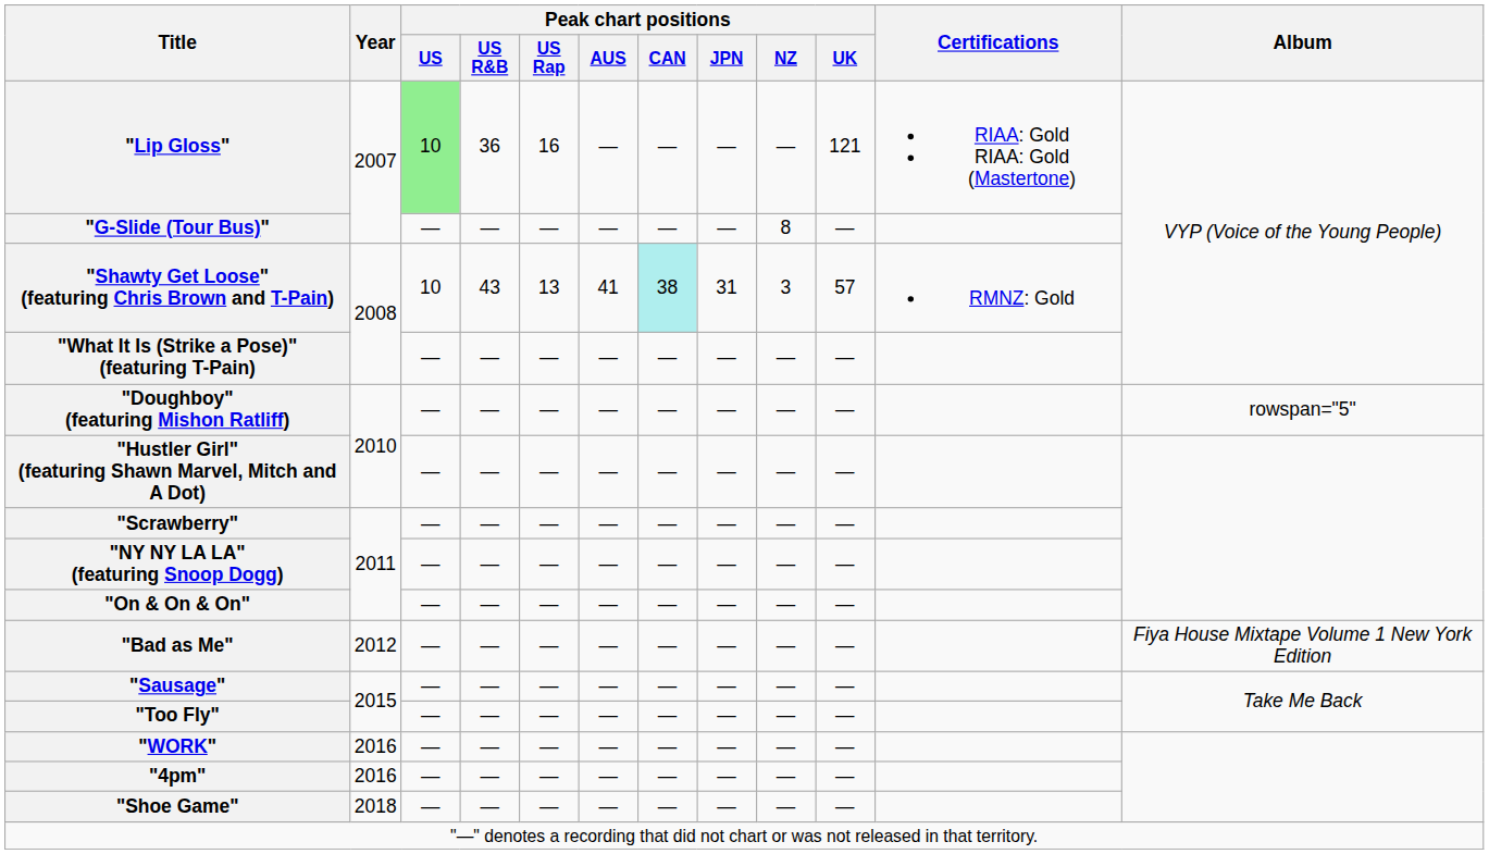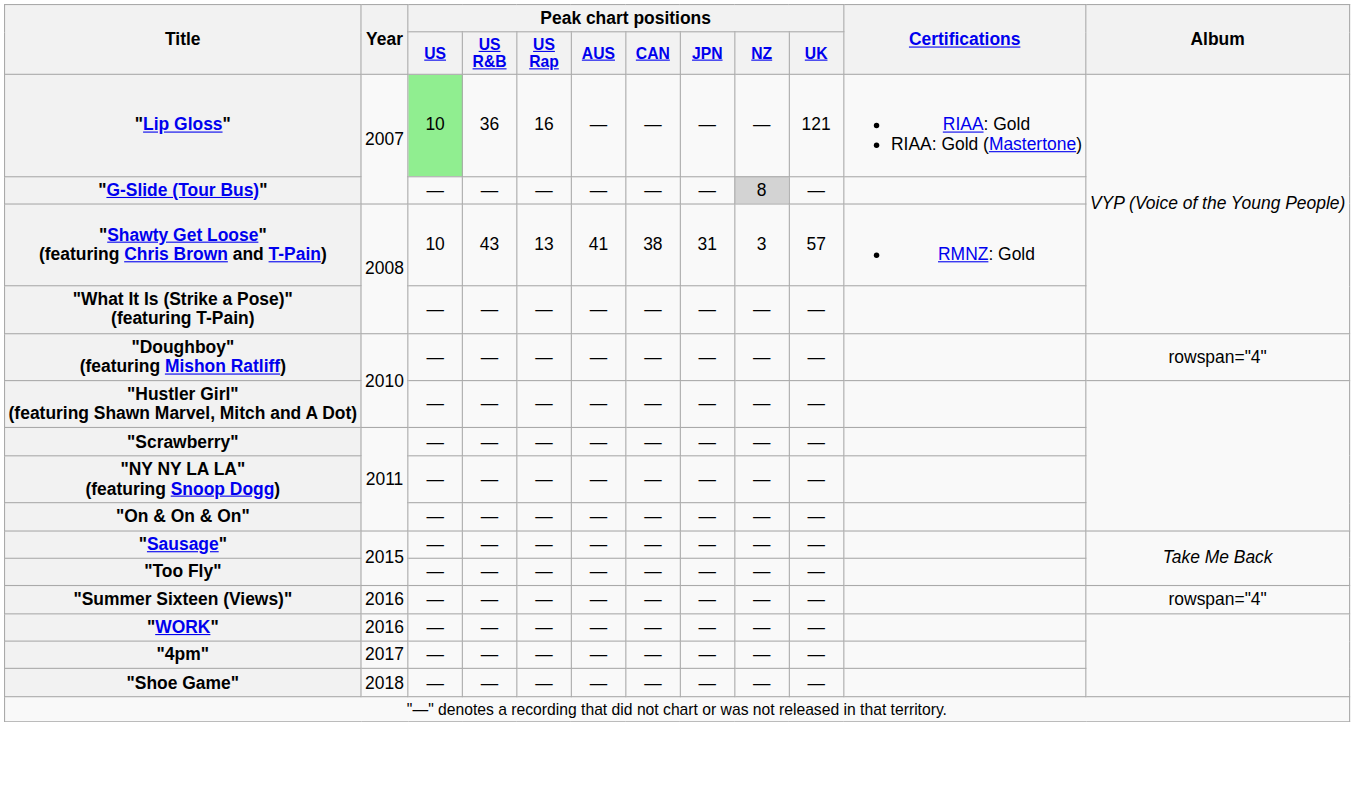 <table class="wikitable plainrowheaders" style="text-align:center;" border="1">
 <tr>
 <th scope="col" rowspan="2">Title</th>
 <th scope="col" rowspan="2">Year</th>
 <th scope="col" colspan="8">Peak chart positions</th>
 <th scope="col" rowspan="2"><a href='#'>Certifications</a></th>
 <th scope="col" rowspan="2">Album</th>
 </tr>
 <tr>
 <th scope="col" style="width:3em;font-size:90%;"><a href='#'>US</a></th>
 <th scope="col" style="width:3em;font-size:90%;"><a href='#'>US<br>R&B</a></th>
 <th scope="col" style="width:3em;font-size:90%;"><a href='#'>US<br>Rap</a></th>
 <th scope="col" style="width:3em;font-size:90%;"><a href='#'>AUS</a><br></th>
 <th scope="col" style="width:3em;font-size:90%;"><a href='#'>CAN</a><br></th>
 <th scope="col" style="width:3em;font-size:90%;"><a href='#'>JPN</a><br></th>
 <th scope="col" style="width:3em;font-size:90%;"><a href='#'>NZ</a><br></th>
 <th scope="col" style="width:3em;font-size:90%;"><a href='#'>UK</a><br></th>
 </tr>
 <tr style="text-align:center;">
 <th scope="row">"<a href='#'>Lip Gloss</a>"</th>
 <td rowspan="2">2007</td>
 <td style="background: lightgreen;">10</td>
 <td>36</td>
 <td>16</td>
 <td>—</td>
 <td>—</td>
 <td>—</td>
 <td>—</td>
 <td>121</td>
 <td><br><ul><li><a href='#'>RIAA</a>: Gold</li><li>RIAA: Gold (<a href='#'>Mastertone</a>)</li></ul></td>
 <td rowspan="4"><em>VYP (Voice of the Young People)</em></td>
 </tr>
 <tr>
 <th scope="row">"<a href='#'>G-Slide (Tour Bus)</a>"</th>
 <td>—</td>
 <td>—</td>
 <td>—</td>
 <td>—</td>
 <td>—</td>
 <td>—</td>
-<td>8</td>
+<td style="background: lightgrey;">8</td>
 <td>—</td>
 <td></td>
 </tr>
 <tr>
 <th scope="row">"<a href='#'>Shawty Get Loose</a>"<br><span>(featuring <a href='#'>Chris Brown</a> and <a href='#'>T-Pain</a>)</span></th>
 <td rowspan="2">2008</td>
 <td>10</td>
 <td>43</td>
 <td>13</td>
 <td>41</td>
-<td style="background: paleturquoise;">38</td>
+<td>38</td>
 <td>31</td>
 <td>3</td>
 <td>57</td>
 <td><br><ul><li><a href='#'>RMNZ</a>: Gold</li></ul></td>
 </tr>
 <tr>
 <th scope="row">"What It Is (Strike a Pose)"<br><span>(featuring T-Pain)</span></th>
 <td>—</td>
 <td>—</td>
 <td>—</td>
 <td>—</td>
 <td>—</td>
 <td>—</td>
 <td>—</td>
 <td>—</td>
 <td></td>
 </tr>
 <tr>
 <th scope="row">"Doughboy"<br><span>(featuring <a href='#'>Mishon Ratliff</a>)</span></th>
 <td rowspan="2">2010</td>
 <td>—</td>
 <td>—</td>
 <td>—</td>
 <td>—</td>
 <td>—</td>
 <td>—</td>
 <td>—</td>
 <td>—</td>
 <td></td>
-<td>rowspan="5" </td>
+<td>rowspan="4" </td>
 </tr>
 <tr>
 <th scope="row">"Hustler Girl"<br><span>(featuring Shawn Marvel, Mitch and A Dot)</span></th>
 <td>—</td>
 <td>—</td>
 <td>—</td>
 <td>—</td>
 <td>—</td>
 <td>—</td>
 <td>—</td>
 <td>—</td>
 <td></td>
 </tr>
 <tr>
 <th scope="row">"Scrawberry"</th>
 <td rowspan="3">2011</td>
 <td>—</td>
 <td>—</td>
 <td>—</td>
 <td>—</td>
 <td>—</td>
 <td>—</td>
 <td>—</td>
 <td>—</td>
 <td></td>
 </tr>
 <tr>
 <th scope="row">"NY NY LA LA"<br><span>(featuring <a href='#'>Snoop Dogg</a>)</span></th>
 <td>—</td>
 <td>—</td>
 <td>—</td>
 <td>—</td>
 <td>—</td>
 <td>—</td>
 <td>—</td>
 <td>—</td>
 <td></td>
 </tr>
 <tr>
 <th scope="row">"On & On & On"</th>
 <td>—</td>
 <td>—</td>
 <td>—</td>
 <td>—</td>
 <td>—</td>
 <td>—</td>
 <td>—</td>
 <td>—</td>
 <td></td>
 </tr>
 <tr>
-<th scope="row">"Bad as Me"</th>
-<td>2012</td>
-<td>—</td>
-<td>—</td>
-<td>—</td>
-<td>—</td>
-<td>—</td>
-<td>—</td>
-<td>—</td>
-<td>—</td>
-<td></td>
-<td><em>Fiya House Mixtape Volume 1 New York Edition</em></td>
-</tr>
-<tr>
 <th scope="row">"<a href='#'>Sausage</a>"</th>
 <td rowspan="2">2015</td>
 <td>—</td>
 <td>—</td>
 <td>—</td>
 <td>—</td>
 <td>—</td>
 <td>—</td>
 <td>—</td>
 <td>—</td>
 <td></td>
 <td rowspan="2"><em>Take Me Back</em></td>
 </tr>
 <tr>
 <th scope="row">"Too Fly"</th>
 <td>—</td>
 <td>—</td>
 <td>—</td>
 <td>—</td>
 <td>—</td>
 <td>—</td>
 <td>—</td>
 <td>—</td>
 <td></td>
 </tr>
 <tr>
+<th scope="row">"Summer Sixteen (Views)"</th>
+<td>2016</td>
+<td>—</td>
+<td>—</td>
+<td>—</td>
+<td>—</td>
+<td>—</td>
+<td>—</td>
+<td>—</td>
+<td>—</td>
+<td></td>
+<td>rowspan="4" </td>
+</tr>
+<tr>
 <th scope="row">"<a href='#'>WORK</a>"</th>
 <td>2016</td>
 <td>—</td>
 <td>—</td>
 <td>—</td>
 <td>—</td>
 <td>—</td>
 <td>—</td>
 <td>—</td>
 <td>—</td>
 <td></td>
 </tr>
 <tr>
 <th scope="row">"4pm"</th>
-<td>2016</td>
+<td>2017</td>
 <td>—</td>
 <td>—</td>
 <td>—</td>
 <td>—</td>
 <td>—</td>
 <td>—</td>
 <td>—</td>
 <td>—</td>
 <td></td>
 </tr>
 <tr>
 <th scope="row">"Shoe Game"</th>
 <td>2018</td>
 <td>—</td>
 <td>—</td>
 <td>—</td>
 <td>—</td>
 <td>—</td>
 <td>—</td>
 <td>—</td>
 <td>—</td>
 <td></td>
 </tr>
 <tr>
 <td colspan="12" style="font-size:90%">"—" denotes a recording that did not chart or was not released in that territory.</td>
 </tr>
 </table>
